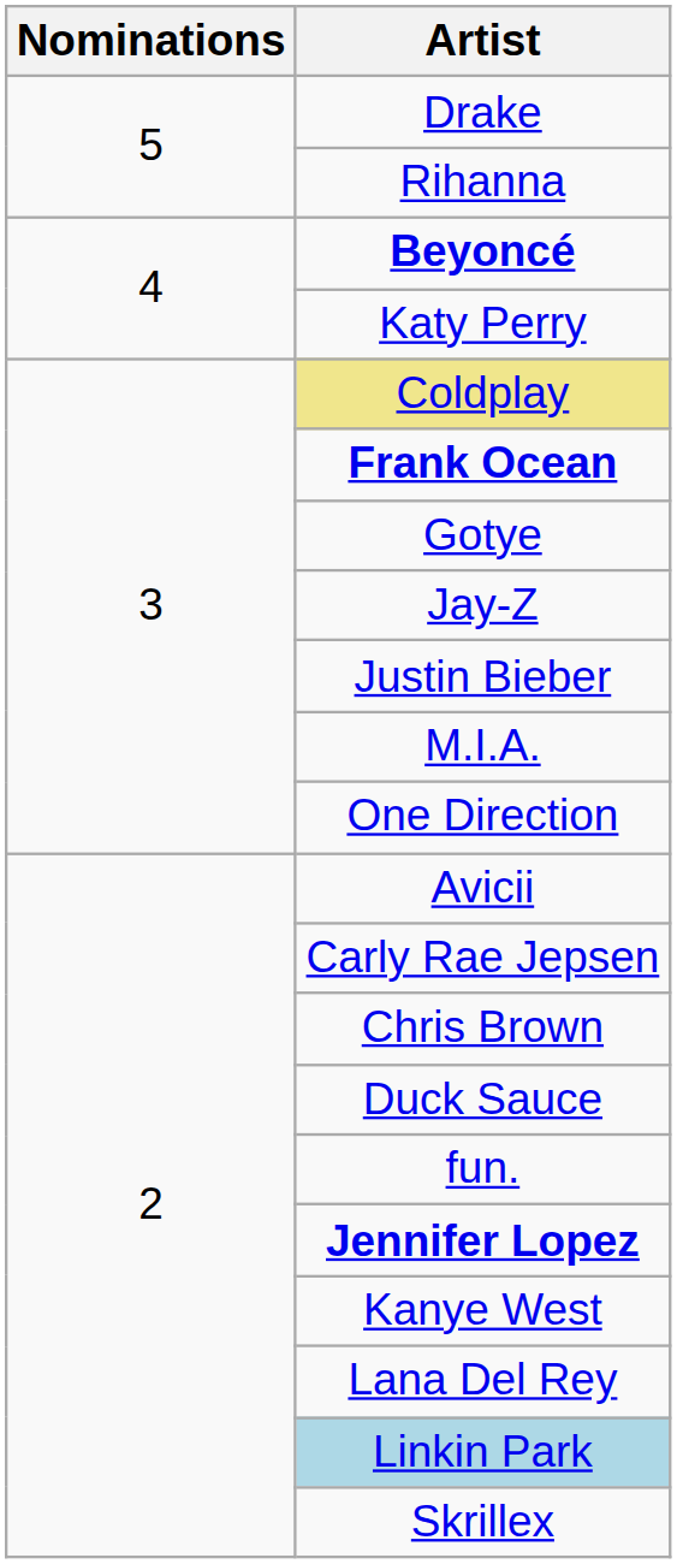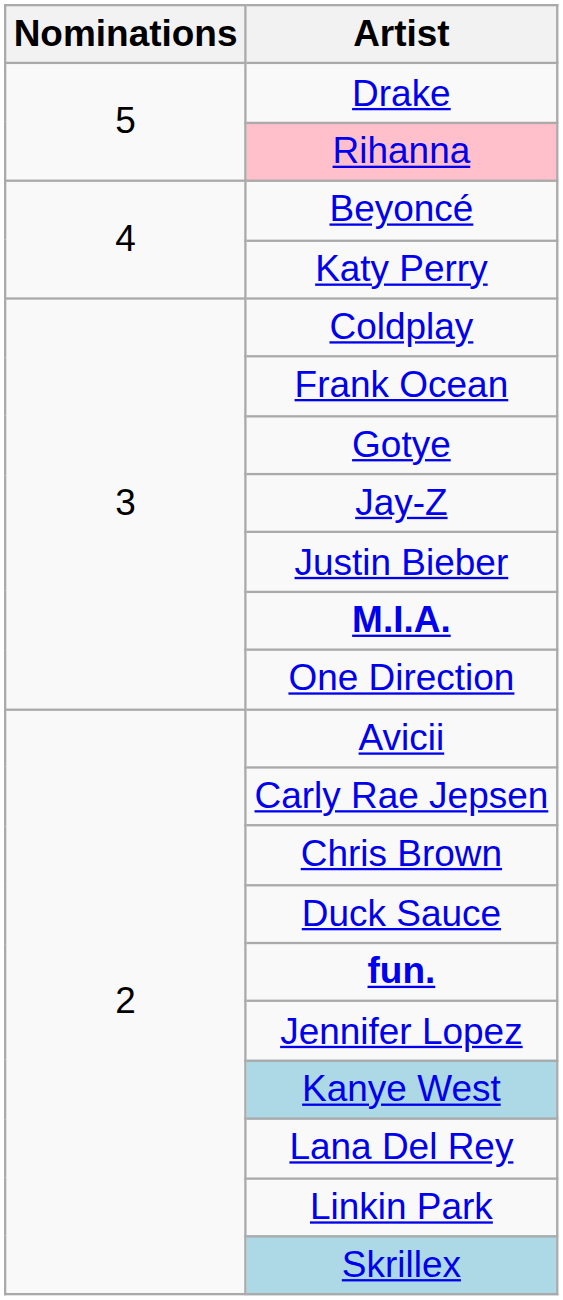 <table class="wikitable" rowspan="2" style="text-align:center">
 <tr>
 <th scope="col" style="width:55px;">Nominations</th>
 <th scope="col" style="text-align:center;">Artist</th>
 </tr>
 <tr>
 <td rowspan="2" style="text-align:center">5</td>
 <td><a href='#'>Drake</a></td>
 </tr>
 <tr>
-<td><a href='#'>Rihanna</a></td>
+<td style="background: pink;"><a href='#'>Rihanna</a></td>
 </tr>
 <tr>
 <td rowspan="2" style="text-align:center">4</td>
-<td><strong><a href='#'>Beyoncé</a></strong></td>
+<td><a href='#'>Beyoncé</a></td>
 </tr>
 <tr>
 <td><a href='#'>Katy Perry</a></td>
 </tr>
 <tr>
 <td rowspan="7" style="text-align:center">3</td>
-<td style="background: khaki;"><a href='#'>Coldplay</a></td>
+<td><a href='#'>Coldplay</a></td>
 </tr>
 <tr>
-<td><strong><a href='#'>Frank Ocean</a></strong></td>
+<td><a href='#'>Frank Ocean</a></td>
 </tr>
 <tr>
 <td><a href='#'>Gotye</a></td>
 </tr>
 <tr>
 <td><a href='#'>Jay-Z</a></td>
 </tr>
 <tr>
 <td><a href='#'>Justin Bieber</a></td>
 </tr>
 <tr>
-<td><a href='#'>M.I.A.</a></td>
+<td><strong><a href='#'>M.I.A.</a></strong></td>
 </tr>
 <tr>
 <td><a href='#'>One Direction</a></td>
 </tr>
 <tr>
 <td rowspan="10" style="text-align:center">2</td>
 <td><a href='#'>Avicii</a></td>
 </tr>
 <tr>
 <td><a href='#'>Carly Rae Jepsen</a></td>
 </tr>
 <tr>
 <td><a href='#'>Chris Brown</a></td>
 </tr>
 <tr>
 <td><a href='#'>Duck Sauce</a></td>
 </tr>
 <tr>
-<td><a href='#'>fun.</a></td>
+<td><strong><a href='#'>fun.</a></strong></td>
 </tr>
 <tr>
-<td><strong><a href='#'>Jennifer Lopez</a></strong></td>
+<td><a href='#'>Jennifer Lopez</a></td>
 </tr>
 <tr>
-<td><a href='#'>Kanye West</a></td>
+<td style="background: lightblue;"><a href='#'>Kanye West</a></td>
 </tr>
 <tr>
 <td><a href='#'>Lana Del Rey</a></td>
 </tr>
 <tr>
-<td style="background: lightblue;"><a href='#'>Linkin Park</a></td>
+<td><a href='#'>Linkin Park</a></td>
 </tr>
 <tr>
-<td><a href='#'>Skrillex</a></td>
+<td style="background: lightblue;"><a href='#'>Skrillex</a></td>
 </tr>
 </table>
